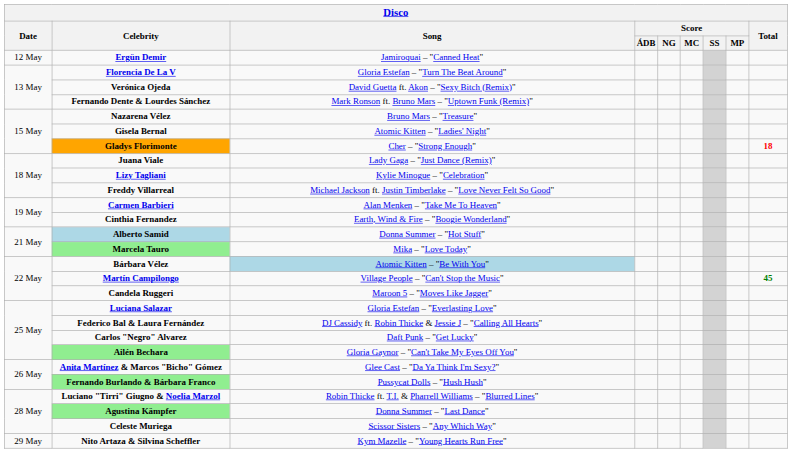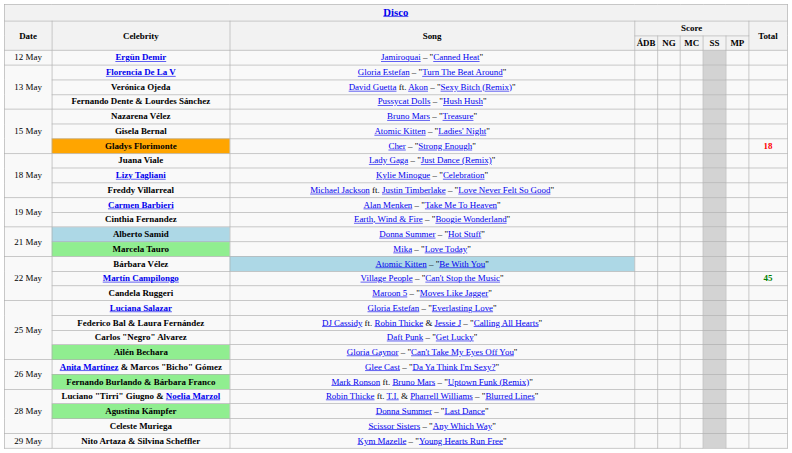 <table class="wikitable collapsible collapsed" style="font-size:90%; text-align: center; width: 100%;">
 <tr>
 <th colspan="11" style="with: 95%;" align=center><big><a href='#'>Disco</a></big></th>
 </tr>
 <tr>
 <th width=70 rowspan="2">Date</th>
 <th width=280 rowspan="2">Celebrity</th>
 <th rowspan="2">Song</th>
 <th colspan="5">Score</th>
 <th rowspan="2">Total</th>
 </tr>
 <tr>
 <th width=30>ÁDB</th>
 <th width=30>NG</th>
 <th width=30>MC</th>
 <th width=30>SS</th>
 <th width=30>MP</th>
 </tr>
 <tr>
 <td>12 May</td>
 <td><strong><a href='#'>Ergün Demir</a></strong></td>
 <td><a href='#'>Jamiroquai</a> – "<a href='#'>Canned Heat</a>"</td>
 <td></td>
 <td></td>
 <td></td>
 <td bgcolor="lightgray"></td>
 <td></td>
 <td></td>
 </tr>
 <tr>
 <td rowspan=3>13 May</td>
 <td><strong><a href='#'>Florencia De La V</a></strong></td>
 <td><a href='#'>Gloria Estefan</a> – "<a href='#'>Turn The Beat Around</a>"</td>
 <td></td>
 <td></td>
 <td></td>
 <td bgcolor="lightgray"></td>
 <td></td>
 <td></td>
 </tr>
 <tr>
 <td><strong>Verónica Ojeda</strong></td>
 <td><a href='#'>David Guetta</a> ft. <a href='#'>Akon</a> – "<a href='#'>Sexy Bitch (Remix)</a>"</td>
 <td></td>
 <td></td>
 <td></td>
 <td bgcolor="lightgray"></td>
 <td></td>
 <td></td>
 </tr>
 <tr>
 <td><strong>Fernando Dente & Lourdes Sánchez</strong></td>
-<td><a href='#'>Mark Ronson</a> ft. <a href='#'>Bruno Mars</a> – "<a href='#'>Uptown Funk (Remix)</a>"</td>
+<td><a href='#'>Pussycat Dolls</a> – "<a href='#'>Hush Hush</a>"</td>
 <td></td>
 <td></td>
 <td></td>
 <td bgcolor="lightgray"></td>
 <td></td>
 <td></td>
 </tr>
 <tr>
 <td rowspan=3>15 May</td>
 <td><strong>Nazarena Vélez</strong></td>
 <td><a href='#'>Bruno Mars</a> – "<a href='#'>Treasure</a>"</td>
 <td></td>
 <td></td>
 <td></td>
 <td bgcolor="lightgray"></td>
 <td></td>
 <td></td>
 </tr>
 <tr>
 <td><strong>Gisela Bernal</strong></td>
 <td><a href='#'>Atomic Kitten</a> – "<a href='#'>Ladies' Night</a>"</td>
 <td></td>
 <td></td>
 <td></td>
 <td bgcolor="lightgray"></td>
 <td></td>
 <td></td>
 </tr>
 <tr>
 <td bgcolor="Orange"><strong>Gladys Florimonte</strong></td>
 <td><a href='#'>Cher</a> – "<a href='#'>Strong Enough</a>"</td>
 <td></td>
 <td></td>
 <td></td>
 <td bgcolor="lightgray"></td>
 <td></td>
 <td style="text-align:center; color:red;"><strong>18</strong></td>
 </tr>
 <tr>
 <td rowspan=3>18 May</td>
 <td><strong>Juana Viale</strong></td>
 <td><a href='#'>Lady Gaga</a> – "<a href='#'>Just Dance (Remix)</a>"</td>
 <td></td>
 <td></td>
 <td></td>
 <td bgcolor="lightgray"></td>
 <td></td>
 <td></td>
 </tr>
 <tr>
 <td><strong><a href='#'>Lizy Tagliani</a></strong></td>
 <td><a href='#'>Kylie Minogue</a> – "<a href='#'>Celebration</a>"</td>
 <td></td>
 <td></td>
 <td></td>
 <td bgcolor="lightgray"></td>
 <td></td>
 <td></td>
 </tr>
 <tr>
 <td><strong>Freddy Villarreal</strong></td>
 <td><a href='#'>Michael Jackson</a> ft. <a href='#'>Justin Timberlake</a> – "<a href='#'>Love Never Felt So Good</a>"</td>
 <td></td>
 <td></td>
 <td></td>
 <td bgcolor="lightgray"></td>
 <td></td>
 <td></td>
 </tr>
 <tr>
 <td rowspan=2>19 May</td>
 <td><strong><a href='#'>Carmen Barbieri</a></strong></td>
 <td><a href='#'>Alan Menken</a> – "<a href='#'>Take Me To Heaven</a>"</td>
 <td></td>
 <td></td>
 <td></td>
 <td bgcolor="lightgray"></td>
 <td></td>
 <td></td>
 </tr>
 <tr>
 <td><strong>Cinthia Fernandez</strong></td>
 <td><a href='#'>Earth, Wind & Fire</a> – "<a href='#'>Boogie Wonderland</a>"</td>
 <td></td>
 <td></td>
 <td></td>
 <td bgcolor="lightgray"></td>
 <td></td>
 <td></td>
 </tr>
 <tr>
 <td rowspan=2>21 May</td>
 <td style="background:lightblue;"><strong>Alberto Samid</strong></td>
 <td><a href='#'>Donna Summer</a> – "<a href='#'>Hot Stuff</a>"</td>
 <td></td>
 <td></td>
 <td></td>
 <td bgcolor="lightgray"></td>
 <td></td>
 <td></td>
 </tr>
 <tr>
 <td style="background:lightgreen;"><strong>Marcela Tauro</strong></td>
 <td><a href='#'>Mika</a> – "<a href='#'>Love Today</a>"</td>
 <td></td>
 <td></td>
 <td></td>
 <td bgcolor="lightgray"></td>
 <td></td>
 <td></td>
 </tr>
 <tr>
 <td rowspan=3>22 May</td>
 <td><strong>Bárbara Vélez</strong></td>
 <td style="background: lightblue;"><a href='#'>Atomic Kitten</a> – "<a href='#'>Be With You</a>"</td>
 <td></td>
 <td></td>
 <td></td>
 <td bgcolor="lightgray"></td>
 <td></td>
 <td></td>
 </tr>
 <tr>
 <td><strong><a href='#'>Martín Campilongo</a></strong></td>
 <td><a href='#'>Village People</a> – "<a href='#'>Can't Stop the Music</a>"</td>
 <td></td>
 <td></td>
 <td></td>
 <td bgcolor="lightgray"></td>
 <td></td>
 <td style="text-align:center; color:green;"><strong>45</strong></td>
 </tr>
 <tr>
 <td><strong>Candela Ruggeri</strong></td>
 <td><a href='#'>Maroon 5</a> – "<a href='#'>Moves Like Jagger</a>"</td>
 <td></td>
 <td></td>
 <td></td>
 <td bgcolor="lightgray"></td>
 <td></td>
 <td></td>
 </tr>
 <tr>
 <td rowspan=4>25 May</td>
 <td><strong><a href='#'>Luciana Salazar</a></strong></td>
 <td><a href='#'>Gloria Estefan</a> – "<a href='#'>Everlasting Love</a>"</td>
 <td></td>
 <td></td>
 <td></td>
 <td bgcolor="lightgray"></td>
 <td></td>
 <td></td>
 </tr>
 <tr>
 <td><strong>Federico Bal & Laura Fernández</strong></td>
 <td><a href='#'>DJ Cassidy</a> ft. <a href='#'>Robin Thicke</a> & <a href='#'>Jessie J</a> – "<a href='#'>Calling All Hearts</a>"</td>
 <td></td>
 <td></td>
 <td></td>
 <td bgcolor="lightgray"></td>
 <td></td>
 <td></td>
 </tr>
 <tr>
 <td><strong>Carlos "Negro" Alvarez</strong></td>
 <td><a href='#'>Daft Punk</a> – "<a href='#'>Get Lucky</a>"</td>
 <td></td>
 <td></td>
 <td></td>
 <td bgcolor="lightgray"></td>
 <td></td>
 <td></td>
 </tr>
 <tr>
 <td style="background:lightgreen;"><strong>Ailén Bechara</strong></td>
 <td><a href='#'>Gloria Gaynor</a> – "<a href='#'>Can't Take My Eyes Off You</a>"</td>
 <td></td>
 <td></td>
 <td></td>
 <td bgcolor="lightgray"></td>
 <td></td>
 <td></td>
 </tr>
 <tr>
 <td rowspan=2>26 May</td>
 <td><strong><a href='#'>Anita Martínez</a> & Marcos "Bicho" Gómez</strong></td>
 <td><a href='#'>Glee Cast</a> – "<a href='#'>Da Ya Think I'm Sexy?</a>"</td>
 <td></td>
 <td></td>
 <td></td>
 <td bgcolor="lightgray"></td>
 <td></td>
 <td></td>
 </tr>
 <tr>
 <td style="background:lightgreen;"><strong>Fernando Burlando & Bárbara Franco</strong></td>
-<td><a href='#'>Pussycat Dolls</a> – "<a href='#'>Hush Hush</a>"</td>
+<td><a href='#'>Mark Ronson</a> ft. <a href='#'>Bruno Mars</a> – "<a href='#'>Uptown Funk (Remix)</a>"</td>
 <td></td>
 <td></td>
 <td></td>
 <td bgcolor="lightgray"></td>
 <td></td>
 <td></td>
 </tr>
 <tr>
 <td rowspan=3>28 May</td>
 <td><strong>Luciano "Tirri" Giugno & <a href='#'>Noelia Marzol</a></strong></td>
 <td><a href='#'>Robin Thicke</a> ft. <a href='#'>T.I.</a> & <a href='#'>Pharrell Williams</a> – "<a href='#'>Blurred Lines</a>"</td>
 <td></td>
 <td></td>
 <td></td>
 <td bgcolor="lightgray"></td>
 <td></td>
 <td></td>
 </tr>
 <tr>
 <td style="background:lightgreen;"><strong>Agustina Kämpfer</strong></td>
 <td><a href='#'>Donna Summer</a> – "<a href='#'>Last Dance</a>"</td>
 <td></td>
 <td></td>
 <td></td>
 <td bgcolor="lightgray"></td>
 <td></td>
 <td></td>
 </tr>
 <tr>
 <td><strong>Celeste Muriega</strong></td>
 <td><a href='#'>Scissor Sisters</a> – "<a href='#'>Any Which Way</a>"</td>
 <td></td>
 <td></td>
 <td></td>
 <td bgcolor="lightgray"></td>
 <td></td>
 <td></td>
 </tr>
 <tr>
 <td rowspan="1">29 May</td>
 <td><strong>Nito Artaza & Silvina Scheffler</strong></td>
 <td><a href='#'>Kym Mazelle</a> – "<a href='#'>Young Hearts Run Free</a>"</td>
 <td></td>
 <td></td>
 <td></td>
 <td bgcolor="lightgray"></td>
 <td></td>
 <td></td>
 </tr>
 </table>
